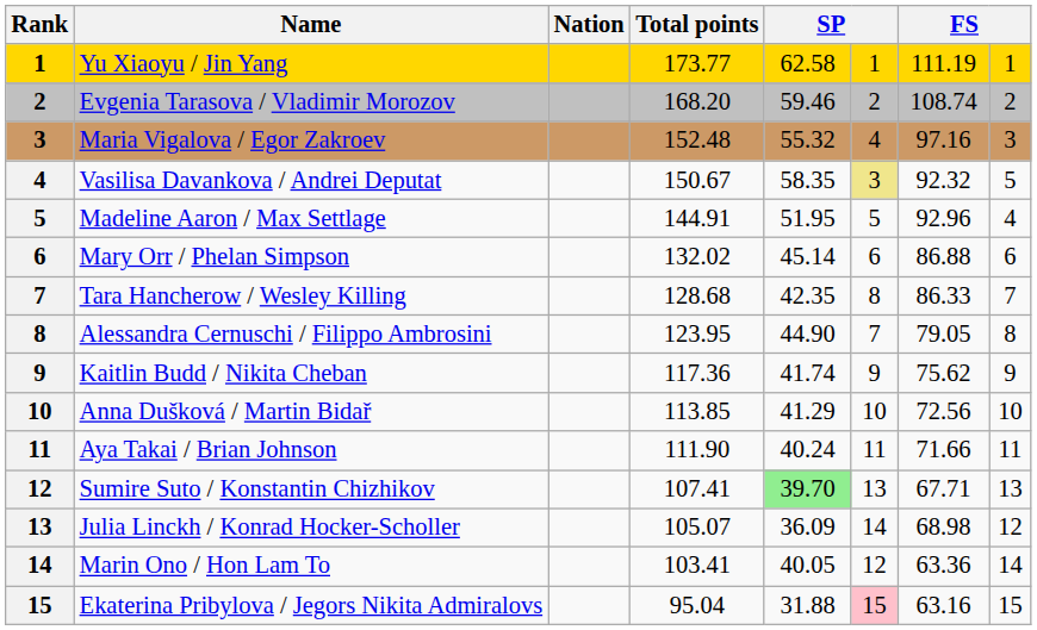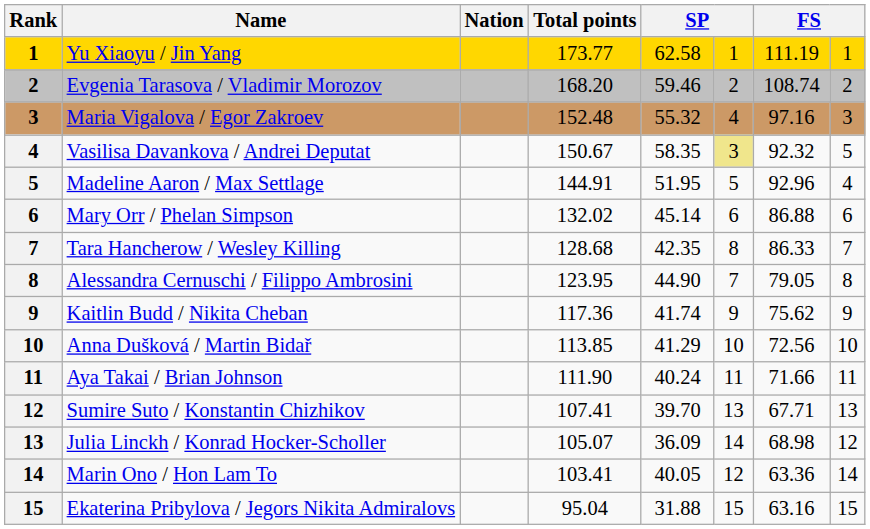 <table class="wikitable sortable">
 <tr>
 <th>Rank</th>
 <th>Name</th>
 <th>Nation</th>
 <th>Total points</th>
 <th colspan="2" width="80px"><a href='#'>SP</a></th>
 <th colspan="2" width="80px"><a href='#'>FS</a></th>
 </tr>
 <tr bgcolor=gold>
 <td align=center><strong>1</strong></td>
 <td><a href='#'>Yu Xiaoyu</a> / <a href='#'>Jin Yang</a></td>
 <td></td>
 <td align=center>173.77</td>
 <td align=center>62.58</td>
 <td align=center>1</td>
 <td align=center>111.19</td>
 <td align=center>1</td>
 </tr>
 <tr bgcolor=silver>
 <td align=center><strong>2</strong></td>
 <td><a href='#'>Evgenia Tarasova</a> / <a href='#'>Vladimir Morozov</a></td>
 <td></td>
 <td align=center>168.20</td>
 <td align=center>59.46</td>
 <td align=center>2</td>
 <td align=center>108.74</td>
 <td align=center>2</td>
 </tr>
 <tr bgcolor=cc9966>
 <td align=center><strong>3</strong></td>
 <td><a href='#'>Maria Vigalova</a> / <a href='#'>Egor Zakroev</a></td>
 <td></td>
 <td align=center>152.48</td>
 <td align=center>55.32</td>
 <td align=center>4</td>
 <td align=center>97.16</td>
 <td align=center>3</td>
 </tr>
 <tr>
 <th>4</th>
 <td><a href='#'>Vasilisa Davankova</a> / <a href='#'>Andrei Deputat</a></td>
 <td></td>
 <td align=center>150.67</td>
 <td align=center>58.35</td>
 <td align=center style="background: khaki;">3</td>
 <td align=center>92.32</td>
 <td align=center>5</td>
 </tr>
 <tr>
 <th>5</th>
 <td><a href='#'>Madeline Aaron</a> / <a href='#'>Max Settlage</a></td>
 <td></td>
 <td align=center>144.91</td>
 <td align=center>51.95</td>
 <td align=center>5</td>
 <td align=center>92.96</td>
 <td align=center>4</td>
 </tr>
 <tr>
 <th>6</th>
 <td><a href='#'>Mary Orr</a> / <a href='#'>Phelan Simpson</a></td>
 <td></td>
 <td align=center>132.02</td>
 <td align=center>45.14</td>
 <td align=center>6</td>
 <td align=center>86.88</td>
 <td align=center>6</td>
 </tr>
 <tr>
 <th>7</th>
 <td><a href='#'>Tara Hancherow</a> / <a href='#'>Wesley Killing</a></td>
 <td></td>
 <td align=center>128.68</td>
 <td align=center>42.35</td>
 <td align=center>8</td>
 <td align=center>86.33</td>
 <td align=center>7</td>
 </tr>
 <tr>
 <th>8</th>
 <td><a href='#'>Alessandra Cernuschi</a> / <a href='#'>Filippo Ambrosini</a></td>
 <td></td>
 <td align=center>123.95</td>
 <td align=center>44.90</td>
 <td align=center>7</td>
 <td align=center>79.05</td>
 <td align=center>8</td>
 </tr>
 <tr>
 <th>9</th>
 <td><a href='#'>Kaitlin Budd</a> / <a href='#'>Nikita Cheban</a></td>
 <td></td>
 <td align=center>117.36</td>
 <td align=center>41.74</td>
 <td align=center>9</td>
 <td align=center>75.62</td>
 <td align=center>9</td>
 </tr>
 <tr>
 <th>10</th>
 <td><a href='#'>Anna Dušková</a> / <a href='#'>Martin Bidař</a></td>
 <td></td>
 <td align=center>113.85</td>
 <td align=center>41.29</td>
 <td align=center>10</td>
 <td align=center>72.56</td>
 <td align=center>10</td>
 </tr>
 <tr>
 <th>11</th>
 <td><a href='#'>Aya Takai</a> / <a href='#'>Brian Johnson</a></td>
 <td></td>
 <td align=center>111.90</td>
 <td align=center>40.24</td>
 <td align=center>11</td>
 <td align=center>71.66</td>
 <td align=center>11</td>
 </tr>
 <tr>
 <th>12</th>
 <td><a href='#'>Sumire Suto</a> / <a href='#'>Konstantin Chizhikov</a></td>
 <td></td>
 <td align=center>107.41</td>
-<td align=center style="background: lightgreen;">39.70</td>
+<td align=center>39.70</td>
 <td align=center>13</td>
 <td align=center>67.71</td>
 <td align=center>13</td>
 </tr>
 <tr>
 <th>13</th>
 <td><a href='#'>Julia Linckh</a> / <a href='#'>Konrad Hocker-Scholler</a></td>
 <td></td>
 <td align=center>105.07</td>
 <td align=center>36.09</td>
 <td align=center>14</td>
 <td align=center>68.98</td>
 <td align=center>12</td>
 </tr>
 <tr>
 <th>14</th>
 <td><a href='#'>Marin Ono</a> / <a href='#'>Hon Lam To</a></td>
 <td></td>
 <td align=center>103.41</td>
 <td align=center>40.05</td>
 <td align=center>12</td>
 <td align=center>63.36</td>
 <td align=center>14</td>
 </tr>
 <tr>
 <th>15</th>
 <td><a href='#'>Ekaterina Pribylova</a> / <a href='#'>Jegors Nikita Admiralovs</a></td>
 <td></td>
 <td align=center>95.04</td>
 <td align=center>31.88</td>
-<td align=center style="background: pink;">15</td>
+<td align=center>15</td>
 <td align=center>63.16</td>
 <td align=center>15</td>
 </tr>
 </table>
